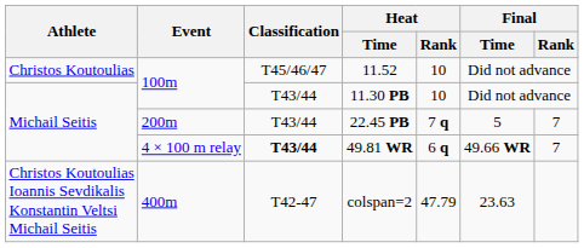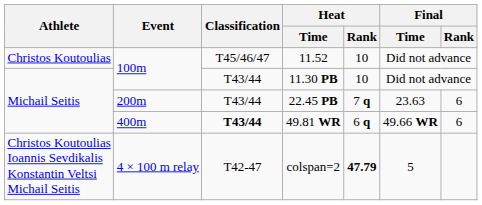 <table class=wikitable style="font-size:90%">
 <tr>
 <th rowspan="2">Athlete</th>
 <th rowspan="2">Event</th>
 <th rowspan="2">Classification</th>
 <th colspan="2">Heat</th>
 <th colspan="2">Final</th>
 </tr>
 <tr>
 <th>Time</th>
 <th>Rank</th>
 <th>Time</th>
 <th>Rank</th>
 </tr>
 <tr align=center>
 <td align=left><a href='#'>Christos Koutoulias</a></td>
 <td align=left rowspan=2><a href='#'>100m</a></td>
 <td>T45/46/47</td>
 <td>11.52</td>
 <td>10</td>
 <td colspan=2>Did not advance</td>
 </tr>
 <tr align=center>
 <td align=left rowspan=3><a href='#'>Michail Seitis</a></td>
 <td>T43/44</td>
 <td>11.30 <strong>PB</strong></td>
 <td>10</td>
 <td colspan=2>Did not advance</td>
 </tr>
 <tr align=center>
 <td align=left><a href='#'>200m</a></td>
 <td>T43/44</td>
 <td>22.45 <strong>PB</strong></td>
 <td>7 <strong>q</strong></td>
-<td>5</td>
-<td>7</td>
+<td>23.63</td>
+<td>6</td>
 </tr>
 <tr align=center>
-<td align=left><a href='#'>4 × 100 m relay</a></td>
+<td align=left><a href='#'>400m</a></td>
 <td><strong>T43/44</strong></td>
 <td>49.81 <strong>WR</strong></td>
 <td>6 <strong>q</strong></td>
 <td>49.66 <strong>WR</strong></td>
-<td>7</td>
+<td>6</td>
 </tr>
 <tr align=center>
 <td align=left><a href='#'>Christos Koutoulias</a><br><a href='#'>Ioannis Sevdikalis</a><br><a href='#'>Konstantin Veltsi</a><br><a href='#'>Michail Seitis</a></td>
-<td align=left><a href='#'>400m</a></td>
+<td align=left><a href='#'>4 × 100 m relay</a></td>
 <td>T42-47</td>
 <td>colspan=2 </td>
-<td>47.79</td>
-<td>23.63</td>
+<td><strong>47.79</strong></td>
+<td>5</td>
 </tr>
 </table>
